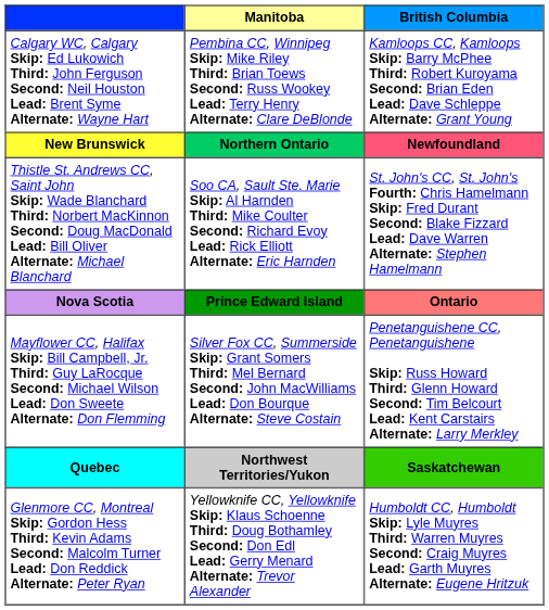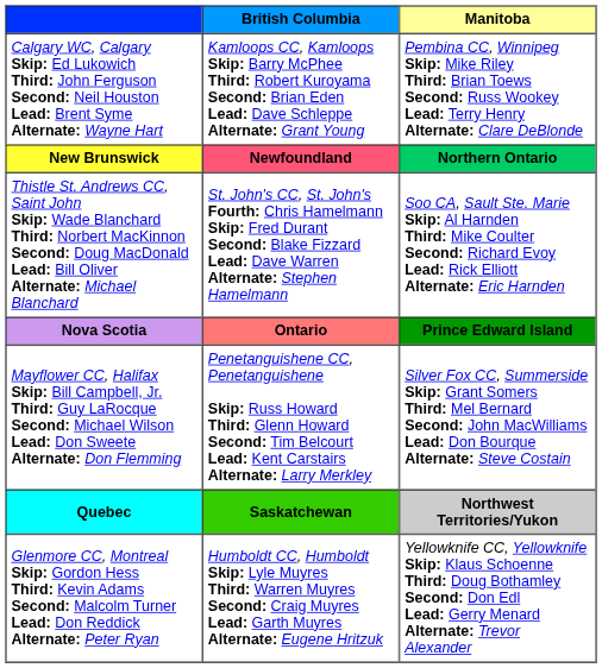 <table border=1 cellpadding=5 cellspacing=0>
 <tr>
 <th style="background:#03f; width:200px;"></th>
+<th style="background:#09f; width:200px;">British Columbia</th>
 <th style="background:#ff9; width:200px;">Manitoba</th>
-<th style="background:#09f; width:200px;">British Columbia</th>
 </tr>
 <tr>
 <td><em><a href='#'>Calgary WC</a>, <a href='#'>Calgary</a></em><br><strong>Skip:</strong> <a href='#'>Ed Lukowich</a><br> <strong>Third:</strong> <a href='#'>John Ferguson</a><br> <strong>Second:</strong> <a href='#'>Neil Houston</a><br> <strong>Lead:</strong> <a href='#'>Brent Syme</a><br> <strong>Alternate:</strong> <em><a href='#'>Wayne Hart</a></em></td>
+<td><em><a href='#'>Kamloops CC</a>, <a href='#'>Kamloops</a></em><br><strong>Skip:</strong> <a href='#'>Barry McPhee</a><br> <strong>Third:</strong> <a href='#'>Robert Kuroyama</a><br> <strong>Second:</strong> <a href='#'>Brian Eden</a><br> <strong>Lead:</strong> <a href='#'>Dave Schleppe</a><br> <strong>Alternate:</strong> <em><a href='#'>Grant Young</a></em></td>
 <td><em><a href='#'>Pembina CC</a>, <a href='#'>Winnipeg</a></em><br><strong>Skip:</strong> <a href='#'>Mike Riley</a><br> <strong>Third:</strong> <a href='#'>Brian Toews</a><br> <strong>Second:</strong> <a href='#'>Russ Wookey</a><br> <strong>Lead:</strong> <a href='#'>Terry Henry</a><br> <strong>Alternate:</strong> <em><a href='#'>Clare DeBlonde</a></em></td>
-<td><em><a href='#'>Kamloops CC</a>, <a href='#'>Kamloops</a></em><br><strong>Skip:</strong> <a href='#'>Barry McPhee</a><br> <strong>Third:</strong> <a href='#'>Robert Kuroyama</a><br> <strong>Second:</strong> <a href='#'>Brian Eden</a><br> <strong>Lead:</strong> <a href='#'>Dave Schleppe</a><br> <strong>Alternate:</strong> <em><a href='#'>Grant Young</a></em></td>
 </tr>
 <tr>
 <th style="background:#ff3; width:200px;">New Brunswick</th>
+<th style="background:#f57; width:200px;">Newfoundland</th>
 <th style="background:#0c6; width:200px;">Northern Ontario</th>
-<th style="background:#f57; width:200px;">Newfoundland</th>
 </tr>
 <tr>
 <td><em><a href='#'>Thistle St. Andrews CC</a>, <a href='#'>Saint John</a></em><br><strong>Skip:</strong> <a href='#'>Wade Blanchard</a><br> <strong>Third:</strong> <a href='#'>Norbert MacKinnon</a><br> <strong>Second:</strong> <a href='#'>Doug MacDonald</a><br> <strong>Lead:</strong> <a href='#'>Bill Oliver</a><br> <strong>Alternate:</strong> <em><a href='#'>Michael Blanchard</a></em></td>
+<td><em><a href='#'>St. John's CC</a>, <a href='#'>St. John's</a></em><br><strong>Fourth:</strong> <a href='#'>Chris Hamelmann</a><br> <strong>Skip:</strong> <a href='#'>Fred Durant</a><br> <strong>Second:</strong> <a href='#'>Blake Fizzard</a><br> <strong>Lead:</strong> <a href='#'>Dave Warren</a><br> <strong>Alternate:</strong> <em><a href='#'>Stephen Hamelmann</a></em></td>
 <td><em><a href='#'>Soo CA</a>, <a href='#'>Sault Ste. Marie</a></em><br><strong>Skip:</strong> <a href='#'>Al Harnden</a><br> <strong>Third:</strong> <a href='#'>Mike Coulter</a><br> <strong>Second:</strong> <a href='#'>Richard Evoy</a><br> <strong>Lead:</strong> <a href='#'>Rick Elliott</a><br> <strong>Alternate:</strong> <em><a href='#'>Eric Harnden</a></em></td>
-<td><em><a href='#'>St. John's CC</a>, <a href='#'>St. John's</a></em><br><strong>Fourth:</strong> <a href='#'>Chris Hamelmann</a><br> <strong>Skip:</strong> <a href='#'>Fred Durant</a><br> <strong>Second:</strong> <a href='#'>Blake Fizzard</a><br> <strong>Lead:</strong> <a href='#'>Dave Warren</a><br> <strong>Alternate:</strong> <em><a href='#'>Stephen Hamelmann</a></em></td>
 </tr>
 <tr>
 <th style="background:#c9e; width:200px;">Nova Scotia</th>
+<th style="background:#f77; width:200px;">Ontario</th>
 <th style="background:#090; width:200px;">Prince Edward Island</th>
-<th style="background:#f77; width:200px;">Ontario</th>
 </tr>
 <tr>
 <td><em><a href='#'>Mayflower CC</a>, <a href='#'>Halifax</a></em><br><strong>Skip:</strong> <a href='#'>Bill Campbell, Jr.</a><br> <strong>Third:</strong> <a href='#'>Guy LaRocque</a><br> <strong>Second:</strong> <a href='#'>Michael Wilson</a><br> <strong>Lead:</strong> <a href='#'>Don Sweete</a><br> <strong>Alternate:</strong> <em><a href='#'>Don Flemming</a></em></td>
+<td><em><a href='#'>Penetanguishene CC</a>, <a href='#'>Penetanguishene</a></em><br><br><strong>Skip:</strong> <a href='#'>Russ Howard</a> <br> <strong>Third:</strong> <a href='#'>Glenn Howard</a> <br> <strong>Second:</strong> <a href='#'>Tim Belcourt</a> <br> <strong>Lead:</strong> <a href='#'>Kent Carstairs</a> <br> <strong>Alternate:</strong> <em><a href='#'>Larry Merkley</a></em></td>
 <td><em><a href='#'>Silver Fox CC</a>, <a href='#'>Summerside</a></em><br><strong>Skip:</strong> <a href='#'>Grant Somers</a><br> <strong>Third:</strong> <a href='#'>Mel Bernard</a><br> <strong>Second:</strong> <a href='#'>John MacWilliams</a><br> <strong>Lead:</strong> <a href='#'>Don Bourque</a><br> <strong>Alternate:</strong> <em><a href='#'>Steve Costain</a></em></td>
-<td><em><a href='#'>Penetanguishene CC</a>, <a href='#'>Penetanguishene</a></em><br><br><strong>Skip:</strong> <a href='#'>Russ Howard</a> <br> <strong>Third:</strong> <a href='#'>Glenn Howard</a> <br> <strong>Second:</strong> <a href='#'>Tim Belcourt</a> <br> <strong>Lead:</strong> <a href='#'>Kent Carstairs</a> <br> <strong>Alternate:</strong> <em><a href='#'>Larry Merkley</a></em></td>
 </tr>
 <tr>
 <th style="background:#0ff; width:200px;">Quebec</th>
+<th style="background:#3c0; width:200px;">Saskatchewan</th>
 <th style="background:#ccc; width:200px;">Northwest Territories/Yukon</th>
-<th style="background:#3c0; width:200px;">Saskatchewan</th>
 </tr>
 <tr>
 <td><em><a href='#'>Glenmore CC</a>, <a href='#'>Montreal</a></em><br><strong>Skip:</strong> <a href='#'>Gordon Hess</a><br> <strong>Third:</strong> <a href='#'>Kevin Adams</a><br> <strong>Second:</strong> <a href='#'>Malcolm Turner</a><br> <strong>Lead:</strong> <a href='#'>Don Reddick</a><br> <strong>Alternate:</strong> <em><a href='#'>Peter Ryan</a></em></td>
+<td><em><a href='#'>Humboldt CC</a>, <a href='#'>Humboldt</a></em><br><strong>Skip:</strong> <a href='#'>Lyle Muyres</a><br> <strong>Third:</strong> <a href='#'>Warren Muyres</a><br> <strong>Second:</strong> <a href='#'>Craig Muyres</a><br> <strong>Lead:</strong> <a href='#'>Garth Muyres</a><br> <strong>Alternate:</strong> <em><a href='#'>Eugene Hritzuk</a></em></td>
 <td><em>Yellowknife CC, <a href='#'>Yellowknife</a></em><br><strong>Skip:</strong> <a href='#'>Klaus Schoenne</a><br> <strong>Third:</strong> <a href='#'>Doug Bothamley</a><br> <strong>Second:</strong> <a href='#'>Don Edl</a><br> <strong>Lead:</strong> <a href='#'>Gerry Menard</a><br> <strong>Alternate:</strong> <em><a href='#'>Trevor Alexander</a></em></td>
-<td><em><a href='#'>Humboldt CC</a>, <a href='#'>Humboldt</a></em><br><strong>Skip:</strong> <a href='#'>Lyle Muyres</a><br> <strong>Third:</strong> <a href='#'>Warren Muyres</a><br> <strong>Second:</strong> <a href='#'>Craig Muyres</a><br> <strong>Lead:</strong> <a href='#'>Garth Muyres</a><br> <strong>Alternate:</strong> <em><a href='#'>Eugene Hritzuk</a></em></td>
 </tr>
 </table>
